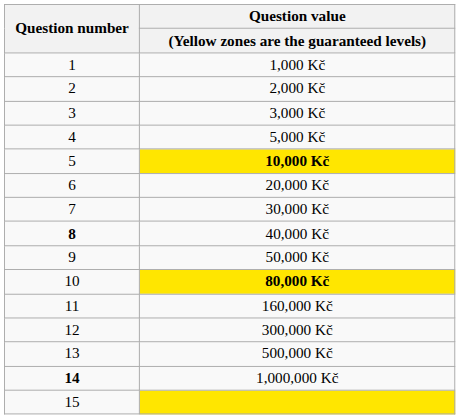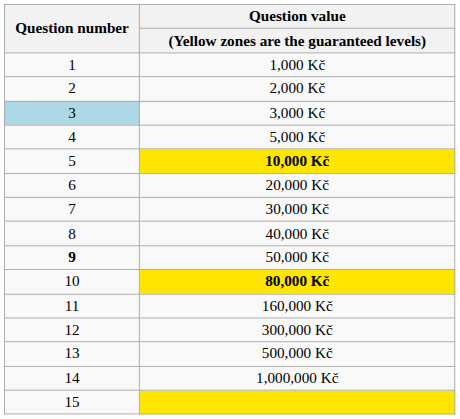 <table class="wikitable" style="text-align:center; border:1px;; cellpadding:2; cellspacing:0; width:30%;">
 <tr>
 <th rowspan="2" style="width: 30%">Question number</th>
 <th>Question value</th>
 </tr>
 <tr>
 <th style="width: 70%">(Yellow zones are the guaranteed levels)</th>
 </tr>
 <tr>
 <td>1</td>
 <td><span>1,000 Kč</span></td>
 </tr>
 <tr>
 <td>2</td>
 <td><span>2,000 Kč</span></td>
 </tr>
 <tr>
-<td>3</td>
+<td style="background: lightblue;">3</td>
 <td><span>3,000 Kč</span></td>
 </tr>
 <tr>
 <td>4</td>
 <td><span>5,000 Kč</span></td>
 </tr>
 <tr>
 <td>5</td>
 <td style="background: #FFE600"><span><strong>10,000 Kč</strong></span></td>
 </tr>
 <tr>
 <td>6</td>
 <td><span>20,000 Kč</span></td>
 </tr>
 <tr>
 <td>7</td>
 <td><span>30,000 Kč</span></td>
 </tr>
 <tr>
-<td><strong>8</strong></td>
+<td>8</td>
 <td><span>40,000 Kč</span></td>
 </tr>
 <tr>
-<td>9</td>
+<td><strong>9</strong></td>
 <td><span>50,000 Kč</span></td>
 </tr>
 <tr>
 <td>10</td>
 <td style="background: #FFE600"><span><strong>80,000 Kč</strong></span></td>
 </tr>
 <tr>
 <td>11</td>
 <td><span>160,000 Kč</span></td>
 </tr>
 <tr>
 <td>12</td>
 <td><span>300,000 Kč</span></td>
 </tr>
 <tr>
 <td>13</td>
 <td><span>500,000 Kč</span></td>
 </tr>
 <tr>
-<td><strong>14</strong></td>
+<td>14</td>
 <td><span>1,000,000 Kč</span></td>
 </tr>
 <tr>
 <td>15</td>
 <td style="background: #FFE600"><span><strong></strong></span></td>
 </tr>
 </table>
